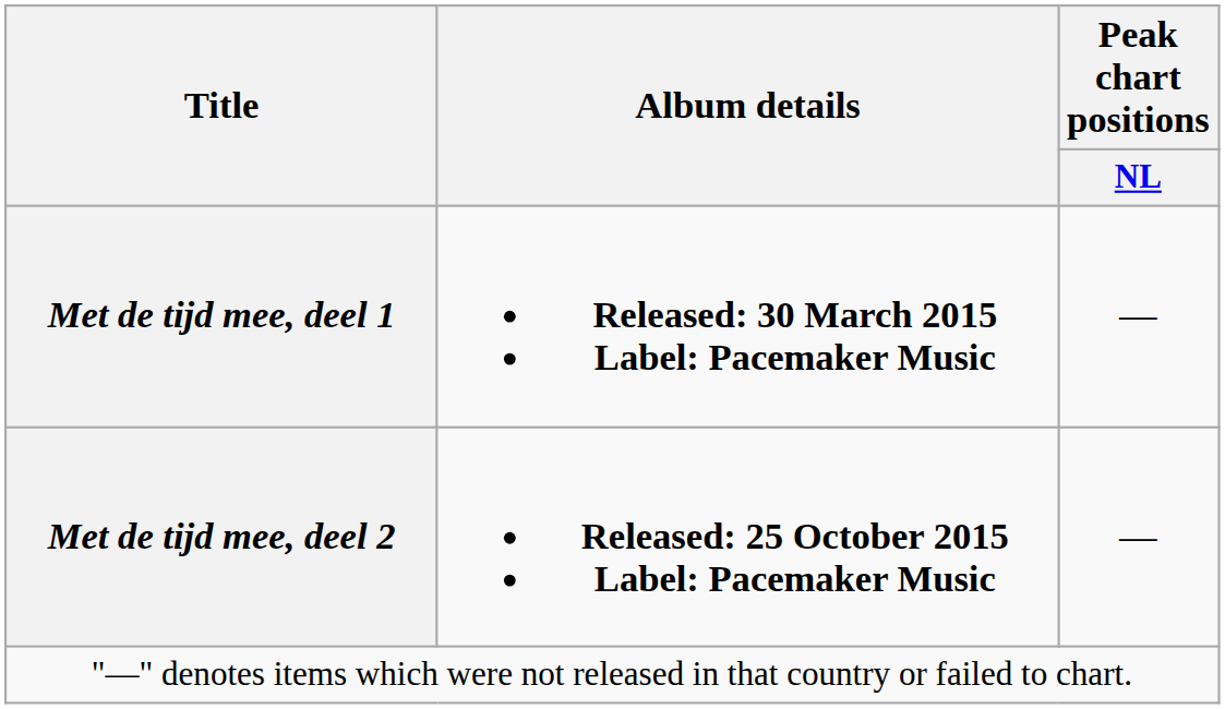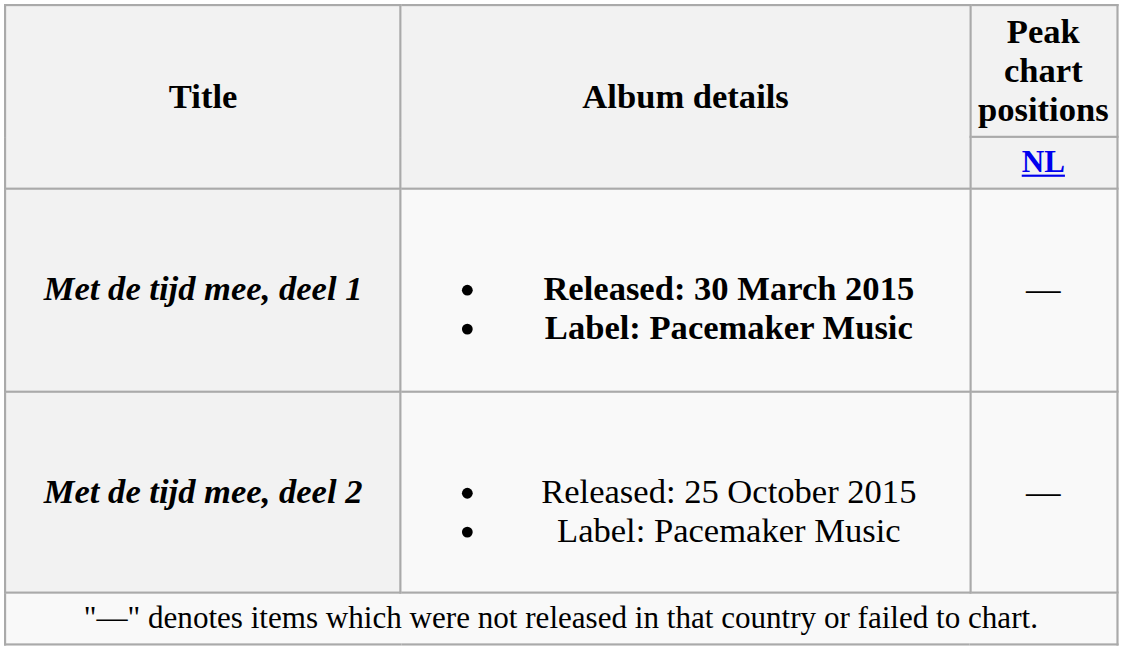 <table class="wikitable plainrowheaders" style="text-align:center;" border="1">
 <tr>
 <th scope="col" rowspan="2" style="width:11em;">Title</th>
 <th scope="col" rowspan="2" style="width:16em;">Album details</th>
 <th scope="col" colspan="1">Peak chart positions</th>
 </tr>
 <tr>
 <th scope="col" style="width:3em;font-size:90%;"><a href='#'>NL</a><br></th>
 </tr>
 <tr>
 <th scope="row"><em>Met de tijd mee, deel 1</em></th>
 <td><strong><br><ul><li>Released: 30 March 2015</li><li>Label: Pacemaker Music</li></ul></strong></td>
 <td>—</td>
 </tr>
 <tr>
 <th scope="row"><em>Met de tijd mee, deel 2</em></th>
-<td><strong><br><ul><li>Released: 25 October 2015</li><li>Label: Pacemaker Music</li></ul></strong></td>
+<td><br><ul><li>Released: 25 October 2015</li><li>Label: Pacemaker Music</li></ul></td>
 <td>—</td>
 </tr>
 <tr>
 <td colspan="5" align="center" style="font-size:90%;">"—" denotes items which were not released in that country or failed to chart.</td>
 </tr>
 </table>
